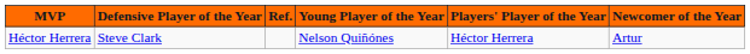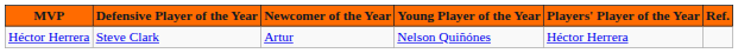 <table class="wikitable">
 <tr>
 <th style="background:#FF6B00; color:#101820; border:1px solid #101820; text-align:center;">MVP</th>
 <th style="background:#FF6B00; color:#101820; border:1px solid #101820; text-align:center;">Defensive Player of the Year</th>
-<th style="background:#FF6B00; color:#101820; border:1px solid #101820; text-align:center;">Ref.</th>
+<th style="background:#FF6B00; color:#101820; border:1px solid #101820; text-align:center;">Newcomer of the Year</th>
 <th style="background:#FF6B00; color:#101820; border:1px solid #101820; text-align:center;">Young Player of the Year</th>
 <th style="background:#FF6B00; color:#101820; border:1px solid #101820; text-align:center;">Players' Player of the Year</th>
-<th style="background:#FF6B00; color:#101820; border:1px solid #101820; text-align:center;">Newcomer of the Year</th>
+<th style="background:#FF6B00; color:#101820; border:1px solid #101820; text-align:center;">Ref.</th>
 </tr>
 <tr>
 <td> <a href='#'>Héctor Herrera</a></td>
 <td> <a href='#'>Steve Clark</a></td>
-<td></td>
+<td> <a href='#'>Artur</a></td>
 <td> <a href='#'>Nelson Quiñónes</a></td>
 <td> <a href='#'>Héctor Herrera</a></td>
-<td> <a href='#'>Artur</a></td>
+<td></td>
 </tr>
 </table>
